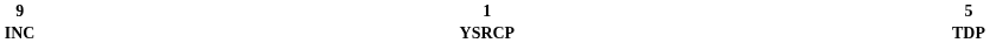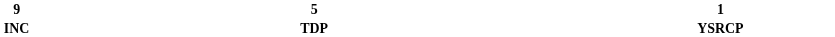 <table style="width:100%; text-align:center;">
 <tr>
 <td style="background: "><strong>9</strong></td>
+<td style="background:"><strong>5</strong></td>
 <td style="background:"><strong>1</strong></td>
-<td style="background:"><strong>5</strong></td>
 </tr>
 <tr>
 <td><span><strong>INC</strong></span></td>
+<td><span><strong>TDP</strong></span></td>
 <td><span><strong>YSRCP</strong></span></td>
-<td><span><strong>TDP</strong></span></td>
 </tr>
 </table>
